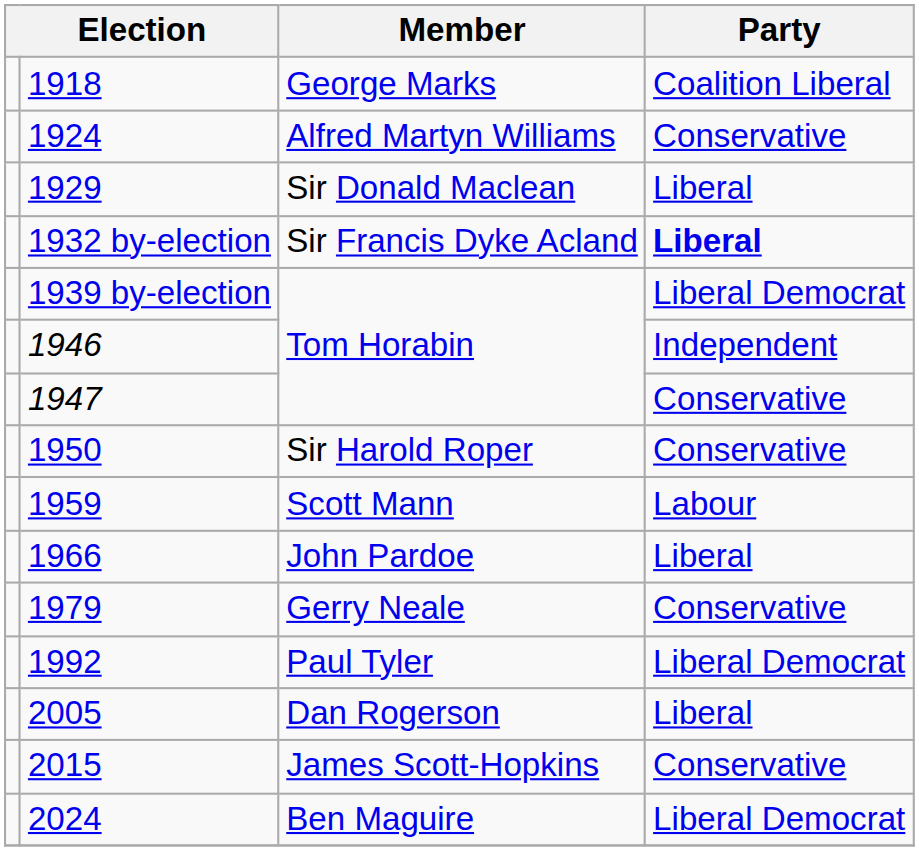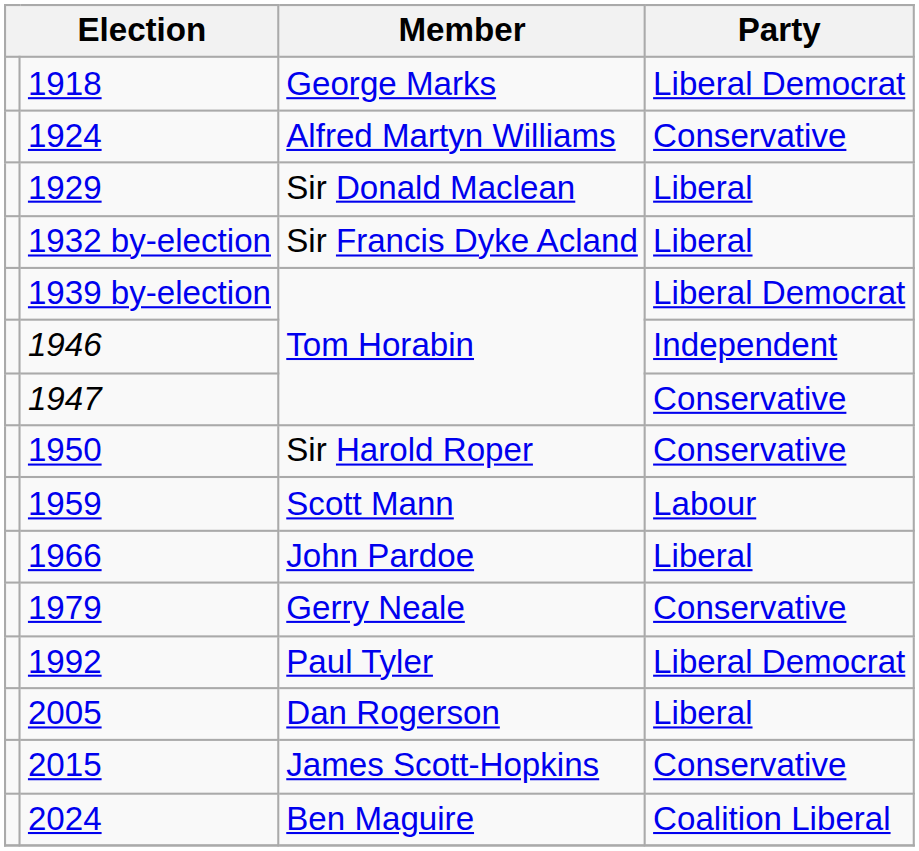 <table class="wikitable">
 <tr>
 <th colspan=2>Election</th>
 <th>Member</th>
 <th>Party</th>
 </tr>
 <tr>
 <td style="color:inherit;background-color: "></td>
 <td><a href='#'>1918</a></td>
 <td><a href='#'>George Marks</a></td>
-<td><a href='#'>Coalition Liberal</a></td>
+<td><a href='#'>Liberal Democrat</a></td>
 </tr>
 <tr>
 <td style="color:inherit;background-color: "></td>
 <td><a href='#'>1924</a></td>
 <td><a href='#'>Alfred Martyn Williams</a></td>
 <td><a href='#'>Conservative</a></td>
 </tr>
 <tr>
 <td style="color:inherit;background-color: "></td>
 <td><a href='#'>1929</a></td>
 <td>Sir <a href='#'>Donald Maclean</a></td>
 <td><a href='#'>Liberal</a></td>
 </tr>
 <tr>
 <td style="color:inherit;background-color: "></td>
 <td><a href='#'>1932 by-election</a></td>
 <td>Sir <a href='#'>Francis Dyke Acland</a></td>
-<td><strong><a href='#'>Liberal</a></strong></td>
+<td><a href='#'>Liberal</a></td>
 </tr>
 <tr>
 <td style="color:inherit;background-color: "></td>
 <td><a href='#'>1939 by-election</a></td>
 <td rowspan=3><a href='#'>Tom Horabin</a></td>
 <td><a href='#'>Liberal Democrat</a></td>
 </tr>
 <tr>
 <td style="color:inherit;background-color: "></td>
 <td><em>1946</em></td>
 <td><a href='#'>Independent</a></td>
 </tr>
 <tr>
 <td style="color:inherit;background-color: "></td>
 <td><em>1947</em></td>
 <td><a href='#'>Conservative</a></td>
 </tr>
 <tr>
 <td style="color:inherit;background-color: "></td>
 <td><a href='#'>1950</a></td>
 <td>Sir <a href='#'>Harold Roper</a></td>
 <td><a href='#'>Conservative</a></td>
 </tr>
 <tr>
 <td style="color:inherit;background-color: "></td>
 <td><a href='#'>1959</a></td>
 <td><a href='#'>Scott Mann</a></td>
 <td><a href='#'>Labour</a></td>
 </tr>
 <tr>
 <td style="color:inherit;background-color: "></td>
 <td><a href='#'>1966</a></td>
 <td><a href='#'>John Pardoe</a></td>
 <td><a href='#'>Liberal</a></td>
 </tr>
 <tr>
 <td style="color:inherit;background-color: "></td>
 <td><a href='#'>1979</a></td>
 <td><a href='#'>Gerry Neale</a></td>
 <td><a href='#'>Conservative</a></td>
 </tr>
 <tr>
 <td style="color:inherit;background-color: "></td>
 <td><a href='#'>1992</a></td>
 <td><a href='#'>Paul Tyler</a></td>
 <td><a href='#'>Liberal Democrat</a></td>
 </tr>
 <tr>
 <td style="color:inherit;background-color: "></td>
 <td><a href='#'>2005</a></td>
 <td><a href='#'>Dan Rogerson</a></td>
 <td><a href='#'>Liberal</a></td>
 </tr>
 <tr>
 <td style="color:inherit;background-color: "></td>
 <td><a href='#'>2015</a></td>
 <td><a href='#'>James Scott-Hopkins</a></td>
 <td><a href='#'>Conservative</a></td>
 </tr>
 <tr>
 <td style="color:inherit;background-color: "></td>
 <td><a href='#'>2024</a></td>
 <td><a href='#'>Ben Maguire</a></td>
-<td><a href='#'>Liberal Democrat</a></td>
+<td><a href='#'>Coalition Liberal</a></td>
 </tr>
 <tr>
 </tr>
 </table>
